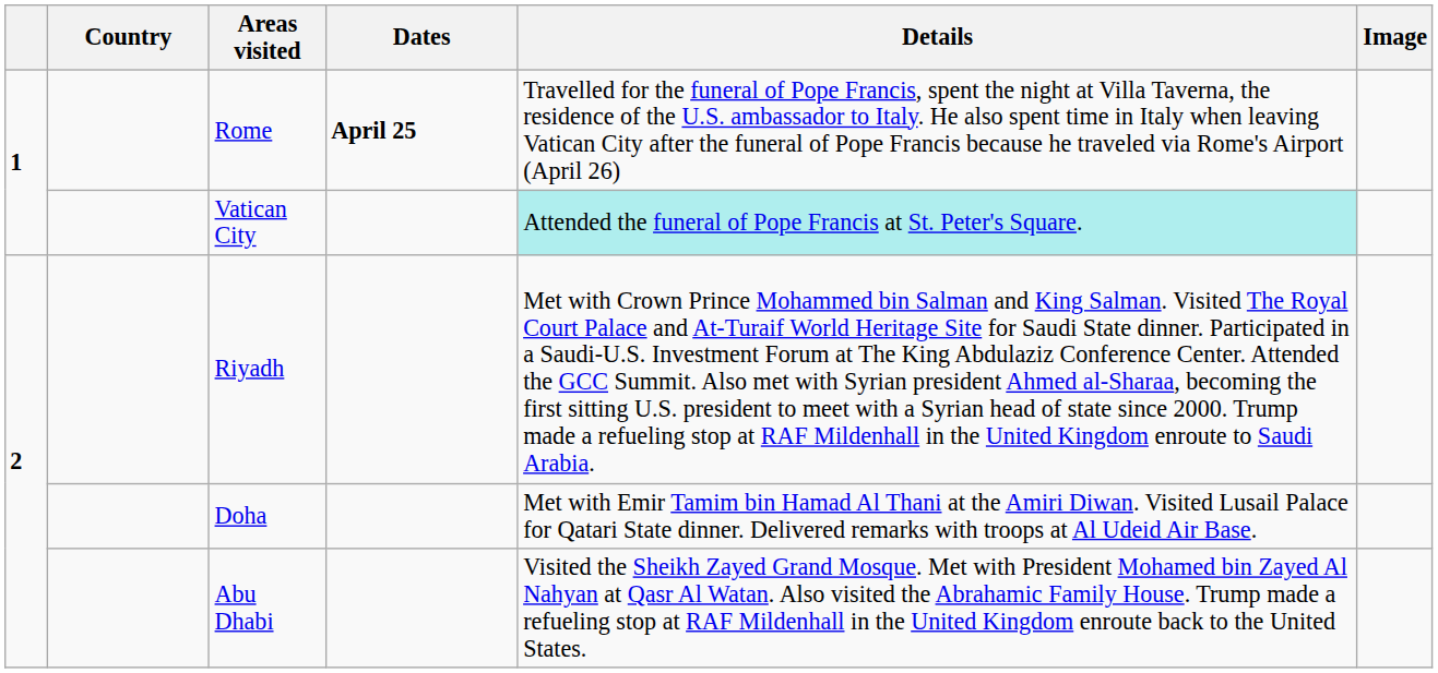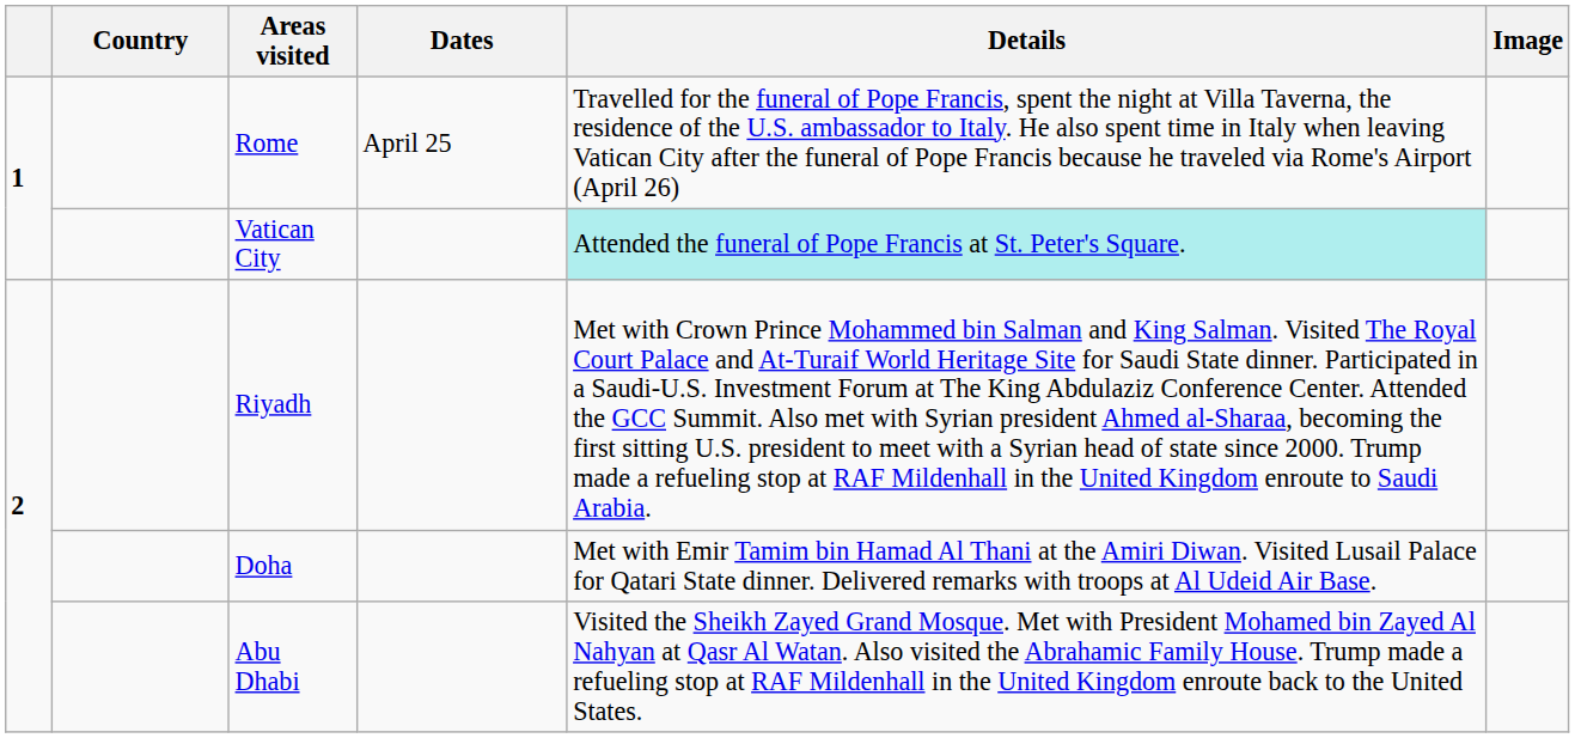 <table class="wikitable sortable" style="margin:1em auto 1em auto;">
 <tr>
 <th style="width: 3%;"></th>
 <th width=100>Country</th>
 <th width=70>Areas visited</th>
 <th width=120>Dates</th>
 <th width=550>Details</th>
 <th>Image</th>
 </tr>
 <tr>
 <td rowspan="2"><strong>1</strong></td>
 <td></td>
 <td><a href='#'>Rome</a></td>
-<td><strong>April 25</strong></td>
+<td>April 25</td>
 <td>Travelled for the <a href='#'>funeral of Pope Francis</a>, spent the night at Villa Taverna, the residence of the <a href='#'>U.S. ambassador to Italy</a>. He also spent time in Italy when leaving Vatican City after the funeral of Pope Francis because he traveled via Rome's Airport (April 26)</td>
 <td></td>
 </tr>
 <tr>
 <td></td>
 <td><a href='#'>Vatican City</a></td>
 <td></td>
 <td style="background: paleturquoise;">Attended the <a href='#'>funeral of Pope Francis</a> at <a href='#'>St. Peter's Square</a>.</td>
 <td></td>
 </tr>
 <tr>
 <td rowspan="3"><strong>2</strong></td>
 <td></td>
 <td><a href='#'>Riyadh</a></td>
 <td></td>
 <td><br>Met with Crown Prince <a href='#'>Mohammed bin Salman</a> and <a href='#'>King Salman</a>. Visited <a href='#'>The Royal Court Palace</a> and <a href='#'>At-Turaif World Heritage Site</a> for Saudi State dinner. Participated in a Saudi-U.S. Investment Forum at The  King Abdulaziz Conference Center. Attended the <a href='#'>GCC</a> Summit. Also met with Syrian president <a href='#'>Ahmed al-Sharaa</a>, becoming the first sitting U.S. president to meet with a Syrian head of state since 2000. Trump made a refueling stop at <a href='#'>RAF Mildenhall</a> in the <a href='#'>United Kingdom</a> enroute to <a href='#'>Saudi Arabia</a>.</td>
 <td></td>
 </tr>
 <tr>
 <td></td>
 <td><a href='#'>Doha</a></td>
 <td></td>
 <td>Met with Emir <a href='#'>Tamim bin Hamad Al Thani</a> at the <a href='#'>Amiri Diwan</a>. Visited Lusail Palace for Qatari State dinner. Delivered remarks with troops at <a href='#'>Al Udeid Air Base</a>.</td>
 <td></td>
 </tr>
 <tr>
 <td></td>
 <td><a href='#'>Abu Dhabi</a></td>
 <td></td>
 <td>Visited the <a href='#'>Sheikh Zayed Grand Mosque</a>. Met with President <a href='#'>Mohamed bin Zayed Al Nahyan</a> at <a href='#'>Qasr Al Watan</a>. Also visited the <a href='#'>Abrahamic Family House</a>. Trump made a refueling stop at <a href='#'>RAF Mildenhall</a> in the <a href='#'>United Kingdom</a> enroute back to the United States.</td>
 <td></td>
 </tr>
 </table>
